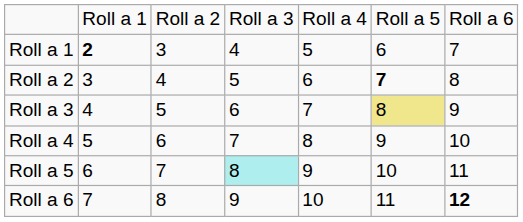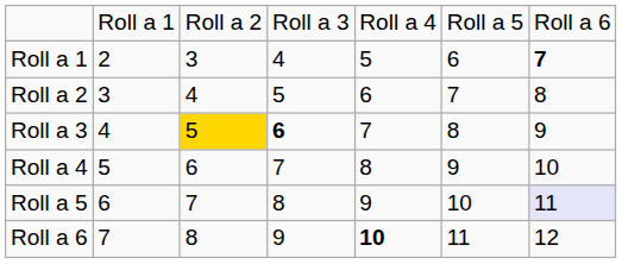 <table class="wikitable">
 <tr>
 <td></td>
 <td>Roll a 1</td>
 <td>Roll a 2</td>
 <td>Roll a 3</td>
 <td>Roll a 4</td>
 <td>Roll a 5</td>
 <td>Roll a 6</td>
 </tr>
 <tr>
 <td>Roll a 1</td>
-<td><strong>2</strong></td>
+<td>2</td>
 <td>3</td>
 <td>4</td>
 <td>5</td>
 <td>6</td>
-<td>7</td>
+<td><strong>7</strong></td>
 </tr>
 <tr>
 <td>Roll a 2</td>
 <td>3</td>
 <td>4</td>
 <td>5</td>
 <td>6</td>
-<td><strong>7</strong></td>
+<td>7</td>
 <td>8</td>
 </tr>
 <tr>
 <td>Roll a 3</td>
 <td>4</td>
-<td>5</td>
-<td>6</td>
+<td style="background: gold;">5</td>
+<td><strong>6</strong></td>
 <td>7</td>
-<td style="background: khaki;">8</td>
+<td>8</td>
 <td>9</td>
 </tr>
 <tr>
 <td>Roll a 4</td>
 <td>5</td>
 <td>6</td>
 <td>7</td>
 <td>8</td>
 <td>9</td>
 <td>10</td>
 </tr>
 <tr>
 <td>Roll a 5</td>
 <td>6</td>
 <td>7</td>
-<td style="background: paleturquoise;">8</td>
+<td>8</td>
 <td>9</td>
 <td>10</td>
-<td>11</td>
+<td style="background: lavender;">11</td>
 </tr>
 <tr>
 <td>Roll a 6</td>
 <td>7</td>
 <td>8</td>
 <td>9</td>
-<td>10</td>
+<td><strong>10</strong></td>
 <td>11</td>
-<td><strong>12</strong></td>
+<td>12</td>
 </tr>
 </table>
